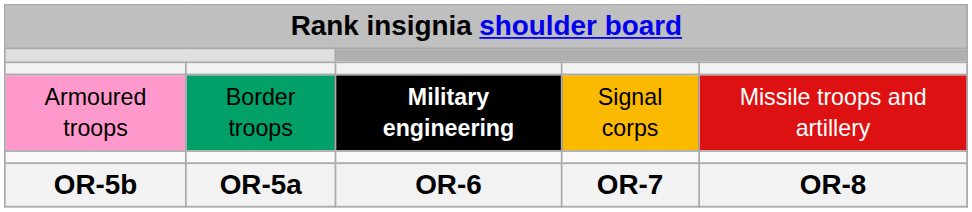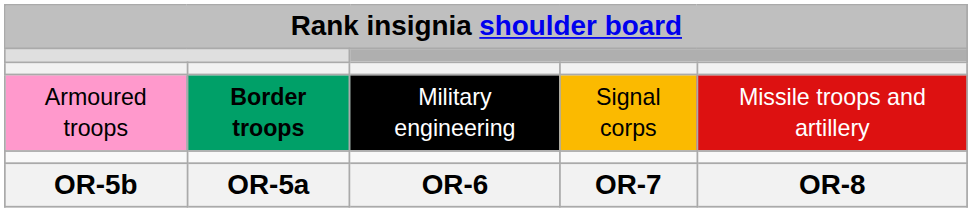 <table align=center class=wikitable width=35%>
 <tr>
 <th colspan=5 style="background:#bfbfbf"><strong>Rank insignia </strong> <a href='#'>shoulder board</a></th>
 </tr>
 <tr>
 <th colspan=2 style="background:#dfdfdf"></th>
 <th colspan=3 style="background:#afafaf"></th>
 </tr>
 <tr>
 <th></th>
 <th></th>
 <th><span><strong><big></big></strong></span></th>
 <th></th>
 <th colspan=2></th>
 </tr>
 <tr align="center">
 <td style="background:#FF99CC"><small>Armoured troops</small></td>
-<td style="background:#00a068"><small>Border troops</small></td>
-<td style="background:black; color:white;"><strong><small> Military engineering </small></strong></td>
+<td style="background:#00a068"><strong><small>Border troops</small></strong></td>
+<td style="background:black; color:white;"><small> Military engineering </small></td>
 <td style="background:#FBBA00"><small>Signal corps</small></td>
 <td style="background:#dd1111; color:white;"><small>Missile troops and artillery</small></td>
 </tr>
 <tr align="center">
 <td></td>
 <td></td>
 <td></td>
 <td></td>
 <td></td>
 </tr>
 <tr align="center">
 <th>OR-5b</th>
 <th>OR-5a</th>
 <th>OR-6</th>
 <th>OR-7</th>
 <th>OR-8</th>
 </tr>
 </table>
